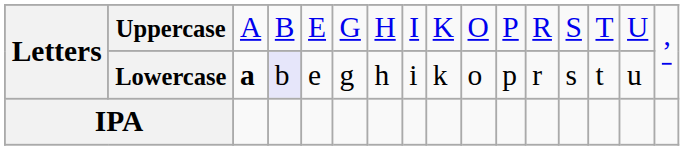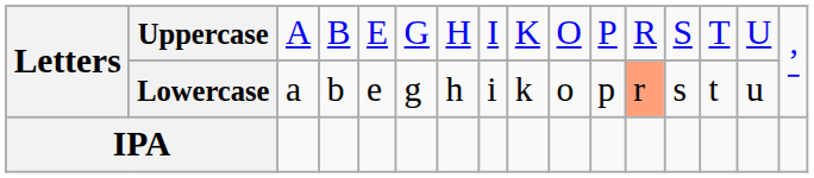 <table class="wikitable">
 <tr>
 <th rowspan="2">Letters</th>
 <th><small>Uppercase</small></th>
 <td><a href='#'>A</a></td>
 <td><a href='#'>B</a></td>
 <td><a href='#'>E</a></td>
 <td><a href='#'>G</a></td>
 <td><a href='#'>H</a></td>
 <td><a href='#'>I</a></td>
 <td><a href='#'>K</a></td>
 <td><a href='#'>O</a></td>
 <td><a href='#'>P</a></td>
 <td><a href='#'>R</a></td>
 <td><a href='#'>S</a></td>
 <td><a href='#'>T</a></td>
 <td><a href='#'>U</a></td>
 <td rowspan="2"><a href='#'>’</a></td>
 </tr>
 <tr>
 <th><small>Lowercase</small></th>
-<td><strong>a</strong></td>
-<td style="background: lavender;">b</td>
+<td>a</td>
+<td>b</td>
 <td>e</td>
 <td>g</td>
 <td>h</td>
 <td>i</td>
 <td>k</td>
 <td>o</td>
 <td>p</td>
-<td>r</td>
+<td style="background: lightsalmon;">r</td>
 <td>s</td>
 <td>t</td>
 <td>u</td>
 </tr>
 <tr>
 <th colspan="2">IPA</th>
 <td></td>
 <td></td>
 <td></td>
 <td></td>
 <td></td>
 <td></td>
 <td></td>
 <td></td>
 <td></td>
 <td></td>
 <td></td>
 <td></td>
 <td></td>
 <td></td>
 </tr>
 </table>
